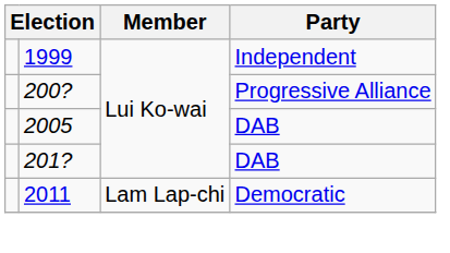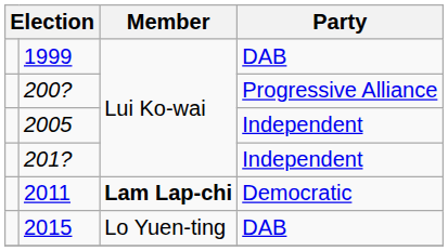 <table class="wikitable">
 <tr>
 <th colspan="2">Election</th>
 <th>Member</th>
 <th>Party</th>
 </tr>
 <tr>
 <td style="background-color: "></td>
 <td><a href='#'>1999</a></td>
 <td rowspan=4>Lui Ko-wai</td>
-<td><a href='#'>Independent</a></td>
+<td><a href='#'>DAB</a></td>
 </tr>
 <tr>
 <td style="background-color: "></td>
 <td><em>200?</em></td>
 <td><a href='#'>Progressive Alliance</a></td>
 </tr>
 <tr>
 <td style="background-color: "></td>
 <td><em>2005</em></td>
-<td><a href='#'>DAB</a></td>
+<td><a href='#'>Independent</a></td>
 </tr>
 <tr>
 <td style="background-color: "></td>
 <td><em>201?</em></td>
-<td><a href='#'>DAB</a></td>
+<td><a href='#'>Independent</a></td>
 </tr>
 <tr>
 <td style="background-color: "></td>
 <td><a href='#'>2011</a></td>
-<td>Lam Lap-chi</td>
+<td><strong>Lam Lap-chi</strong></td>
 <td><a href='#'>Democratic</a></td>
+</tr>
+<tr>
+<td style="background-color: "></td>
+<td><a href='#'>2015</a></td>
+<td>Lo Yuen-ting</td>
+<td><a href='#'>DAB</a></td>
 </tr>
 <tr>
 </tr>
 </table>
